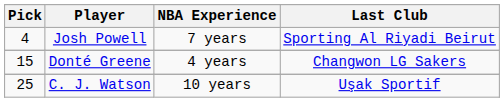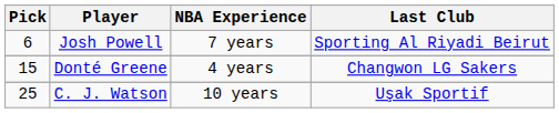 <table class="wikitable sortable sortable">
 <tr>
 </tr>
 <tr style="text-align: center">
 <th>Pick</th>
 <th>Player</th>
 <th>NBA Experience</th>
 <th>Last Club</th>
 </tr>
 <tr style="text-align: center">
-<td>4</td>
+<td>6</td>
 <td><a href='#'>Josh Powell</a></td>
 <td>7 years</td>
 <td> <a href='#'>Sporting Al Riyadi Beirut</a></td>
 </tr>
 <tr>
 </tr>
 <tr style="text-align: center">
 <td>15</td>
 <td><a href='#'>Donté Greene</a></td>
 <td>4 years</td>
 <td> <a href='#'>Changwon LG Sakers</a></td>
 </tr>
 <tr>
 </tr>
 <tr style="text-align: center">
 <td>25</td>
 <td><a href='#'>C. J. Watson</a></td>
 <td>10 years</td>
 <td> <a href='#'>Uşak Sportif</a></td>
 </tr>
 </table>
